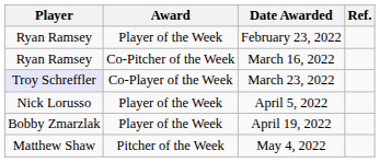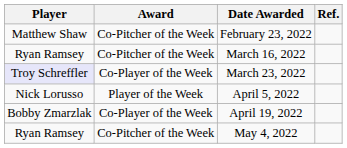 <table class="wikitable sortable sortable" style="text-align: center">
 <tr align=center>
 <th>Player</th>
 <th>Award</th>
 <th>Date Awarded</th>
 <th>Ref.</th>
 </tr>
 <tr>
-<td>Ryan Ramsey</td>
-<td rowspan="1">Player of the Week</td>
+<td>Matthew Shaw</td>
+<td rowspan="1">Co-Pitcher of the Week</td>
 <td rowspan="1">February 23, 2022</td>
 <td rowspan="1"></td>
 </tr>
 <tr>
 <td>Ryan Ramsey</td>
 <td rowspan="1">Co-Pitcher of the Week</td>
 <td rowspan="1">March 16, 2022</td>
 <td rowspan="1"></td>
 </tr>
 <tr>
 <td style="background: lavender;">Troy Schreffler</td>
 <td rowspan="1">Co-Player of the Week</td>
 <td rowspan="1">March 23, 2022</td>
 <td rowspan="1"></td>
 </tr>
 <tr>
 <td>Nick Lorusso</td>
 <td rowspan="1">Player of the Week</td>
 <td rowspan="1">April 5, 2022</td>
 <td rowspan="1"></td>
 </tr>
 <tr>
 <td>Bobby Zmarzlak</td>
-<td rowspan="1">Player of the Week</td>
+<td rowspan="1">Co-Player of the Week</td>
 <td rowspan="1">April 19, 2022</td>
 <td rowspan="1"></td>
 </tr>
 <tr>
-<td>Matthew Shaw</td>
-<td rowspan="1">Pitcher of the Week</td>
+<td>Ryan Ramsey</td>
+<td rowspan="1">Co-Pitcher of the Week</td>
 <td rowspan="1">May 4, 2022</td>
 <td rowspan="1"></td>
 </tr>
 </table>
